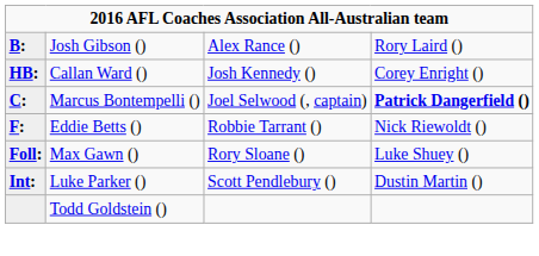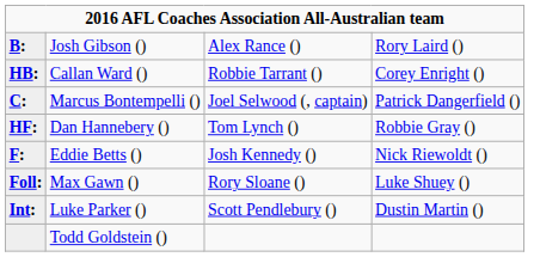 <table class="wikitable" style="font-size: 95%;">
 <tr>
 <td colspan="4" style="text-align:center;"><strong>2016 AFL Coaches Association All-Australian team</strong></td>
 </tr>
 <tr style="vertical-align:top;">
 <td style="background-color:#EFEFEF"><strong><a href='#'>B</a>:</strong></td>
 <td><a href='#'>Josh Gibson</a> ()</td>
 <td><a href='#'>Alex Rance</a> ()</td>
 <td><a href='#'>Rory Laird</a> ()</td>
 </tr>
 <tr style="vertical-align:top;">
 <td style="background-color:#EFEFEF"><strong><a href='#'>HB</a>:</strong></td>
 <td><a href='#'>Callan Ward</a> ()</td>
-<td><a href='#'>Josh Kennedy</a> ()</td>
+<td><a href='#'>Robbie Tarrant</a> ()</td>
 <td><a href='#'>Corey Enright</a> ()</td>
 </tr>
 <tr style="vertical-align:top;">
 <td style="background-color:#EFEFEF"><strong><a href='#'>C</a>:</strong></td>
 <td><a href='#'>Marcus Bontempelli</a> ()</td>
 <td><a href='#'>Joel Selwood</a> (, <a href='#'>captain</a>)</td>
-<td><strong><a href='#'>Patrick Dangerfield</a> ()</strong></td>
+<td><a href='#'>Patrick Dangerfield</a> ()</td>
+</tr>
+<tr style="vertical-align:top;">
+<td style="background-color:#EFEFEF"><strong><a href='#'>HF</a>:</strong></td>
+<td><a href='#'>Dan Hannebery</a> ()</td>
+<td><a href='#'>Tom Lynch</a> ()</td>
+<td><a href='#'>Robbie Gray</a> ()</td>
 </tr>
 <tr style="vertical-align:top;">
 <td style="background-color:#EFEFEF"><strong><a href='#'>F</a>:</strong></td>
 <td><a href='#'>Eddie Betts</a> ()</td>
-<td><a href='#'>Robbie Tarrant</a> ()</td>
+<td><a href='#'>Josh Kennedy</a> ()</td>
 <td><a href='#'>Nick Riewoldt</a> ()</td>
 </tr>
 <tr style="vertical-align:top;">
 <td style="background-color:#EFEFEF"><strong><a href='#'>Foll</a>:</strong></td>
 <td><a href='#'>Max Gawn</a> ()</td>
 <td><a href='#'>Rory Sloane</a> ()</td>
 <td><a href='#'>Luke Shuey</a> ()</td>
 </tr>
 <tr style="vertical-align:top;">
 <td style="background-color:#EFEFEF"><strong><a href='#'>Int</a>:</strong></td>
 <td><a href='#'>Luke Parker</a> ()</td>
 <td><a href='#'>Scott Pendlebury</a> ()</td>
 <td><a href='#'>Dustin Martin</a> ()</td>
 </tr>
 <tr style="vertical-align:top;">
 <td style="background-color:#EFEFEF"></td>
 <td><a href='#'>Todd Goldstein</a> ()</td>
 <td></td>
 <td></td>
 </tr>
 </table>
